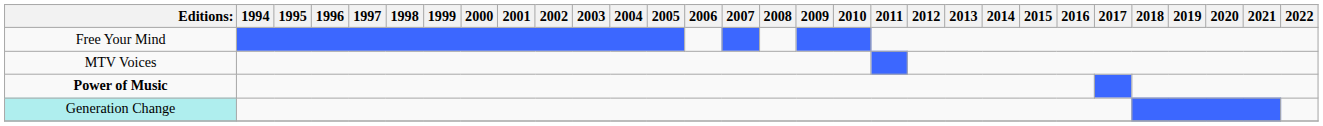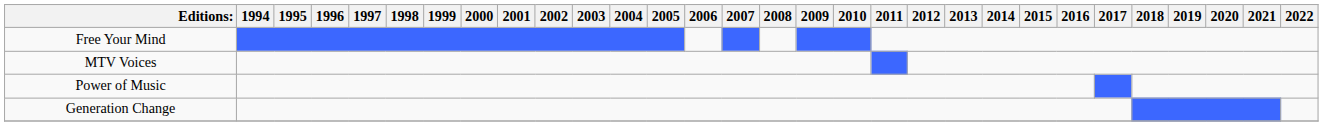 <table class="wikitable" width="100%" cellspacing="0" cellpadding="1" style="font-size:85%; text-align:center; margin:0">
 <tr style="vertical-align:top; text-align:left">
 <th style="text-align:right">Editions:</th>
 <th width="1%" style="border-left:1px solid #C7C7C7">1994</th>
 <th width="1%" style="border-left:1px solid #C7C7C7">1995</th>
 <th width="1%" style="border-left:1px solid #C7C7C7">1996</th>
 <th width="1%" style="border-left:1px solid #C7C7C7">1997</th>
 <th width="1%" style="border-left:1px solid #C7C7C7">1998</th>
 <th width="1%" style="border-left:1px solid #C7C7C7">1999</th>
 <th width="1%" style="border-left:1px solid #C7C7C7">2000</th>
 <th width="1%" style="border-left:1px solid #C7C7C7">2001</th>
 <th width="1%" style="border-left:1px solid #C7C7C7">2002</th>
 <th width="1%" style="border-left:1px solid #C7C7C7">2003</th>
 <th width="1%" style="border-left:1px solid #C7C7C7">2004</th>
 <th width="1%" style="border-left:1px solid #C7C7C7">2005</th>
 <th width="1%" style="border-left:1px solid #C7C7C7">2006</th>
 <th width="1%" style="border-left:1px solid #C7C7C7">2007</th>
 <th width="1%" style="border-left:1px solid #C7C7C7">2008</th>
 <th width="1%" style="border-left:1px solid #C7C7C7">2009</th>
 <th width="1%" style="border-left:1px solid #C7C7C7">2010</th>
 <th width="1%" style="border-left:1px solid #C7C7C7">2011</th>
 <th width="1%" style="border-left:1px solid #C7C7C7">2012</th>
 <th width="1%" style="border-left:1px solid #C7C7C7">2013</th>
 <th width="1%" style="border-left:1px solid #C7C7C7">2014</th>
 <th width="1%" style="border-left:1px solid #C7C7C7">2015</th>
 <th width="1%" style="border-left:1px solid #C7C7C7">2016</th>
 <th width="1%" style="border-left:1px solid #C7C7C7">2017</th>
 <th width="1%" style="border-left:1px solid #C7C7C7">2018</th>
 <th width="1%" style="border-left:1px solid #C7C7C7">2019</th>
 <th width="1%" style="border-left:1px solid #C7C7C7">2020</th>
 <th width="1%" style="border-left:1px solid #C7C7C7">2021</th>
 <th width="1%" style="border-left:1px solid #C7C7C7">2022</th>
 </tr>
 <tr>
 <td width="15%">Free Your Mind</td>
 <td colspan="12" style="background:#3C67FF"></td>
 <td></td>
 <td style="background:#3C67FF"></td>
 <td></td>
 <td colspan="2" style="background:#3C67FF"></td>
 <td colspan="12"></td>
 </tr>
 <tr>
 <td width="15%">MTV Voices</td>
 <td colspan="17"></td>
 <td style="background:#3C67FF"></td>
 <td colspan="11"></td>
 </tr>
 <tr>
-<td width="15%"><strong>Power of Music</strong></td>
+<td width="15%">Power of Music</td>
 <td colspan="23"></td>
 <td style="background:#3C67FF"></td>
 <td colspan="5"></td>
 </tr>
 <tr>
-<td width="15%" style="background: paleturquoise;">Generation Change</td>
+<td width="15%">Generation Change</td>
 <td colspan="24"></td>
 <td colspan="4" style="background:#3C67FF"></td>
 <td></td>
 </tr>
 <tr>
 </tr>
 </table>
